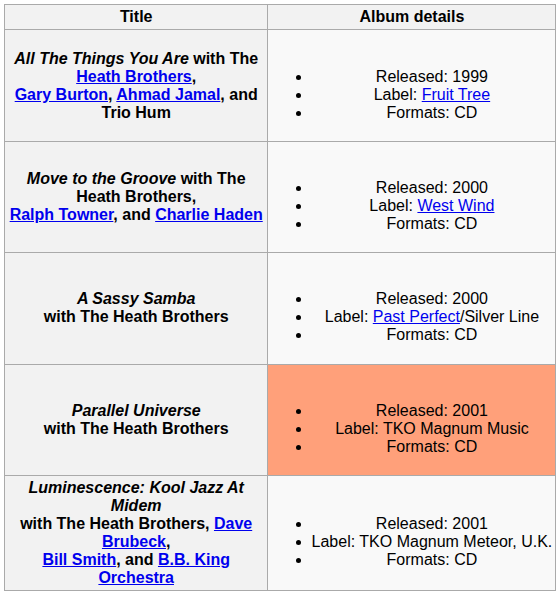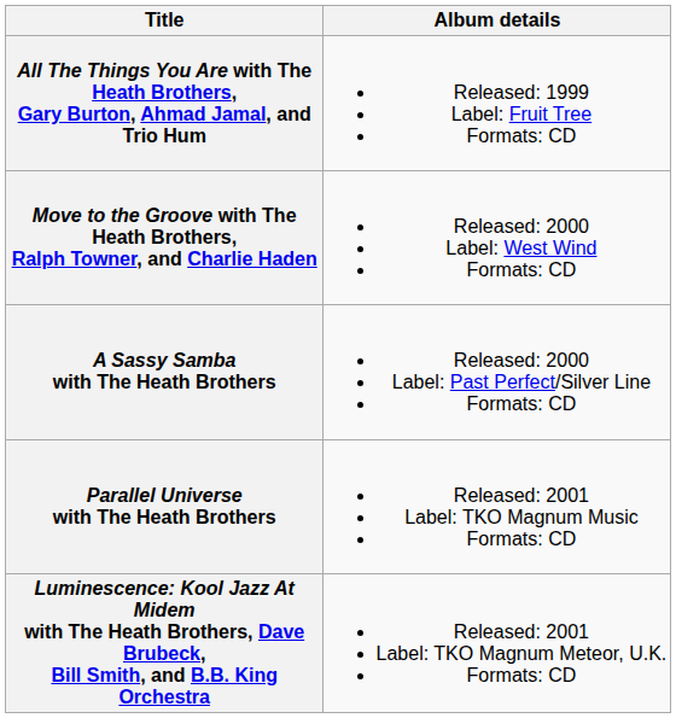 <table class="wikitable plainrowheaders" style="text-align:center;">
 <tr>
 <th scope="col" style="width:16em;">Title</th>
 <th scope="col">Album details</th>
 </tr>
 <tr>
 <th scope="row"><em>All The Things You Are</em> with The <a href='#'>Heath Brothers</a>, <br> <a href='#'>Gary Burton</a>, <a href='#'>Ahmad Jamal</a>, and Trio Hum</th>
 <td><br><ul><li>Released: 1999</li><li>Label: <a href='#'>Fruit Tree</a></li><li>Formats: CD</li></ul></td>
 </tr>
 <tr>
 <th scope="row"><em>Move to the Groove </em> with The Heath Brothers,<br><a href='#'>Ralph Towner</a>, and <a href='#'>Charlie Haden</a></th>
 <td><br><ul><li>Released: 2000</li><li>Label: <a href='#'>West Wind</a></li><li>Formats: CD</li></ul></td>
 </tr>
 <tr>
 <th scope="row"><em>A Sassy Samba</em><br>with The Heath Brothers</th>
 <td><br><ul><li>Released: 2000</li><li>Label: <a href='#'>Past Perfect</a>/Silver Line</li><li>Formats: CD</li></ul></td>
 </tr>
 <tr>
 <th scope="row"><em>Parallel Universe</em><br>with The Heath Brothers</th>
-<td style="background: lightsalmon;"><br><ul><li>Released: 2001</li><li>Label: TKO Magnum Music</li><li>Formats: CD</li></ul></td>
+<td><br><ul><li>Released: 2001</li><li>Label: TKO Magnum Music</li><li>Formats: CD</li></ul></td>
 </tr>
 <tr>
 <th scope="row"><em>Luminescence: Kool Jazz At Midem</em><br>with The Heath Brothers, <a href='#'>Dave Brubeck</a>,<br><a href='#'>Bill Smith</a>, and <a href='#'>B.B. King Orchestra</a></th>
 <td><br><ul><li>Released: 2001</li><li>Label: TKO Magnum Meteor, U.K.</li><li>Formats: CD</li></ul></td>
 </tr>
 </table>
